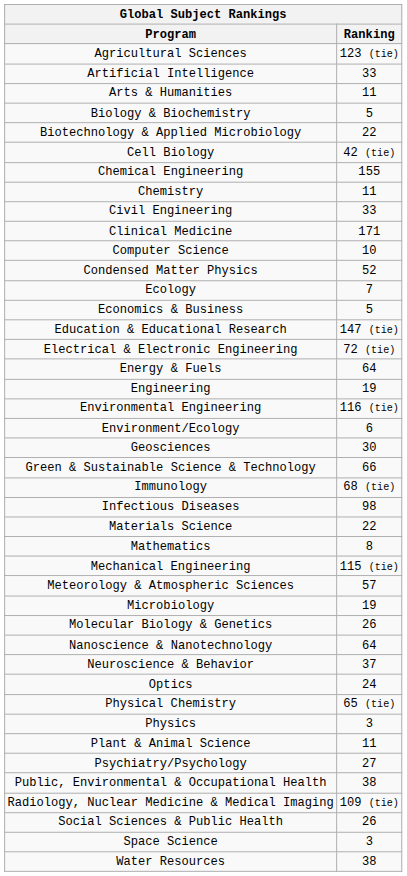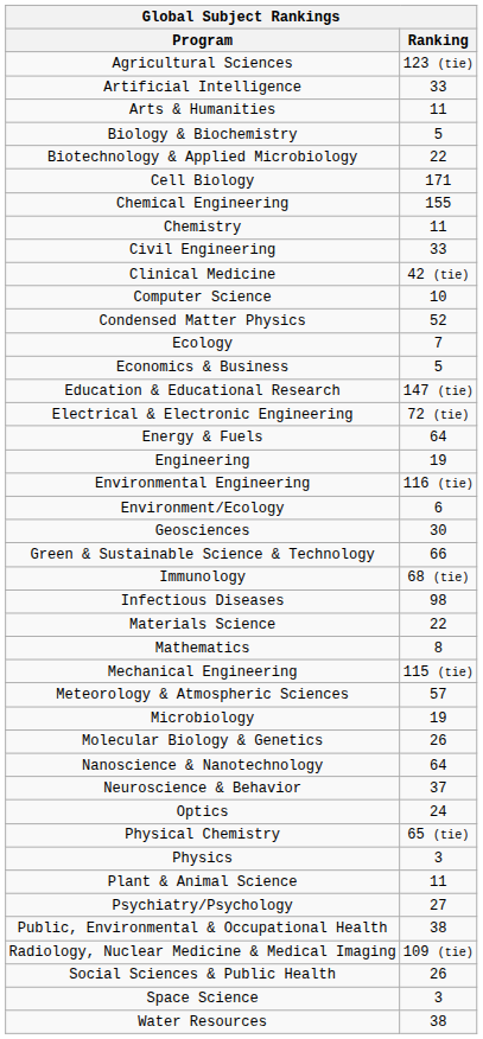 <table class="wikitable sortable collapsible collapsed" style="float:right; clear:right; text-align:center">
 <tr>
 <th colspan=4>Global Subject Rankings</th>
 </tr>
 <tr>
 <th>Program</th>
 <th>Ranking</th>
 </tr>
 <tr>
 <td>Agricultural Sciences</td>
 <td>123 <small>(tie)</small></td>
 </tr>
 <tr>
 <td>Artificial Intelligence</td>
 <td>33</td>
 </tr>
 <tr>
 <td>Arts & Humanities</td>
 <td>11</td>
 </tr>
 <tr>
 <td>Biology & Biochemistry</td>
 <td>5</td>
 </tr>
 <tr>
 <td>Biotechnology & Applied Microbiology</td>
 <td>22</td>
 </tr>
 <tr>
 <td>Cell Biology</td>
-<td>42 <small>(tie)</small></td>
+<td>171</td>
 </tr>
 <tr>
 <td>Chemical Engineering</td>
 <td>155</td>
 </tr>
 <tr>
 <td>Chemistry</td>
 <td>11</td>
 </tr>
 <tr>
 <td>Civil Engineering</td>
 <td>33</td>
 </tr>
 <tr>
 <td>Clinical Medicine</td>
-<td>171</td>
+<td>42 <small>(tie)</small></td>
 </tr>
 <tr>
 <td>Computer Science</td>
 <td>10</td>
 </tr>
 <tr>
 <td>Condensed Matter Physics</td>
 <td>52</td>
 </tr>
 <tr>
 <td>Ecology</td>
 <td>7</td>
 </tr>
 <tr>
 <td>Economics & Business</td>
 <td>5</td>
 </tr>
 <tr>
 <td>Education & Educational Research</td>
 <td>147 <small>(tie)</small></td>
 </tr>
 <tr>
 <td>Electrical & Electronic Engineering</td>
 <td>72 <small>(tie)</small></td>
 </tr>
 <tr>
 <td>Energy & Fuels</td>
 <td>64</td>
 </tr>
 <tr>
 <td>Engineering</td>
 <td>19</td>
 </tr>
 <tr>
 <td>Environmental Engineering</td>
 <td>116 <small>(tie)</small></td>
 </tr>
 <tr>
 <td>Environment/Ecology</td>
 <td>6</td>
 </tr>
 <tr>
 <td>Geosciences</td>
 <td>30</td>
 </tr>
 <tr>
 <td>Green & Sustainable Science & Technology</td>
 <td>66</td>
 </tr>
 <tr>
 <td>Immunology</td>
 <td>68 <small>(tie)</small></td>
 </tr>
 <tr>
 <td>Infectious Diseases</td>
 <td>98</td>
 </tr>
 <tr>
 <td>Materials Science</td>
 <td>22</td>
 </tr>
 <tr>
 <td>Mathematics</td>
 <td>8</td>
 </tr>
 <tr>
 <td>Mechanical Engineering</td>
 <td>115 <small>(tie)</small></td>
 </tr>
 <tr>
 <td>Meteorology & Atmospheric Sciences</td>
 <td>57</td>
 </tr>
 <tr>
 <td>Microbiology</td>
 <td>19</td>
 </tr>
 <tr>
 <td>Molecular Biology & Genetics</td>
 <td>26</td>
 </tr>
 <tr>
 <td>Nanoscience & Nanotechnology</td>
 <td>64</td>
 </tr>
 <tr>
 <td>Neuroscience & Behavior</td>
 <td>37</td>
 </tr>
 <tr>
 <td>Optics</td>
 <td>24</td>
 </tr>
 <tr>
 <td>Physical Chemistry</td>
 <td>65 <small>(tie)</small></td>
 </tr>
 <tr>
 <td>Physics</td>
 <td>3</td>
 </tr>
 <tr>
 <td>Plant & Animal Science</td>
 <td>11</td>
 </tr>
 <tr>
 <td>Psychiatry/Psychology</td>
 <td>27</td>
 </tr>
 <tr>
 <td>Public, Environmental & Occupational Health</td>
 <td>38</td>
 </tr>
 <tr>
 <td>Radiology, Nuclear Medicine & Medical Imaging</td>
 <td>109 <small>(tie)</small></td>
 </tr>
 <tr>
 <td>Social Sciences & Public Health</td>
 <td>26</td>
 </tr>
 <tr>
 <td>Space Science</td>
 <td>3</td>
 </tr>
 <tr>
 <td>Water Resources</td>
 <td>38</td>
 </tr>
 </table>
